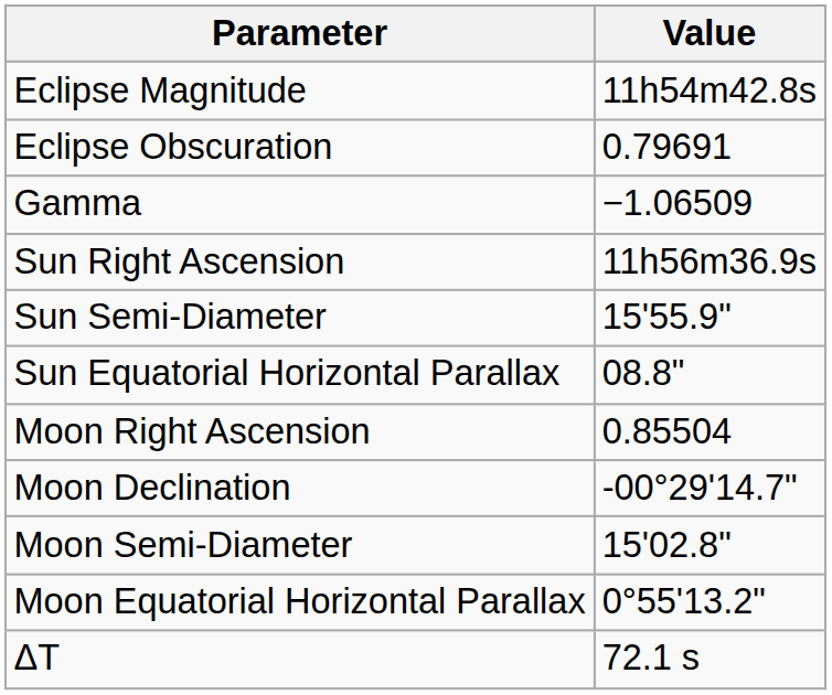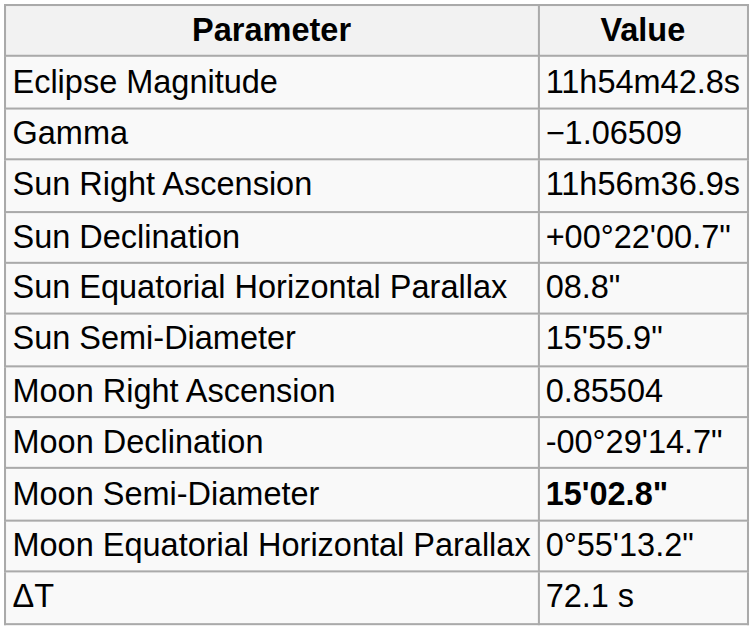 <table class="wikitable">
 <tr>
 <th>Parameter</th>
 <th>Value</th>
 </tr>
 <tr>
 <td>Eclipse Magnitude</td>
 <td>11h54m42.8s</td>
 </tr>
 <tr>
-<td>Eclipse Obscuration</td>
-<td>0.79691</td>
-</tr>
-<tr>
 <td>Gamma</td>
 <td>−1.06509</td>
 </tr>
 <tr>
 <td>Sun Right Ascension</td>
 <td>11h56m36.9s</td>
 </tr>
 <tr>
-<td>Sun Semi-Diameter</td>
-<td>15'55.9"</td>
+<td>Sun Declination</td>
+<td>+00°22'00.7"</td>
 </tr>
 <tr>
 <td>Sun Equatorial Horizontal Parallax</td>
 <td>08.8"</td>
+</tr>
+<tr>
+<td>Sun Semi-Diameter</td>
+<td>15'55.9"</td>
 </tr>
 <tr>
 <td>Moon Right Ascension</td>
 <td>0.85504</td>
 </tr>
 <tr>
 <td>Moon Declination</td>
 <td>-00°29'14.7"</td>
 </tr>
 <tr>
 <td>Moon Semi-Diameter</td>
-<td>15'02.8"</td>
+<td><strong>15'02.8"</strong></td>
 </tr>
 <tr>
 <td>Moon Equatorial Horizontal Parallax</td>
 <td>0°55'13.2"</td>
 </tr>
 <tr>
 <td>ΔT</td>
 <td>72.1 s</td>
 </tr>
 </table>
